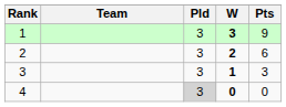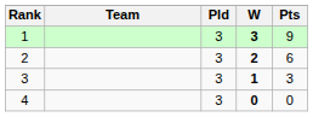 <table class="wikitable">
 <tr>
 </tr>
 <tr>
 <th style="width:35px;">Rank</th>
 <th style="width:180px;">Team</th>
 <th style="width:35px;">Pld</th>
 <th style="width:35px;">W</th>
 <th style="width:35px;">Pts</th>
 </tr>
 <tr bgcolor=#ccffcc>
 <td align=center>1</td>
 <td></td>
 <td align=center>3</td>
 <td align=center><strong>3</strong></td>
 <td align=center>9</td>
 </tr>
 <tr>
 <td align=center>2</td>
 <td></td>
 <td align=center>3</td>
 <td align=center><strong>2</strong></td>
 <td align=center>6</td>
 </tr>
 <tr>
 <td align=center>3</td>
 <td></td>
 <td align=center>3</td>
 <td align=center><strong>1</strong></td>
 <td align=center>3</td>
 </tr>
 <tr>
 <td align=center>4</td>
 <td></td>
-<td align=center style="background: lightgrey;">3</td>
+<td align=center>3</td>
 <td align=center><strong>0</strong></td>
 <td align=center>0</td>
 </tr>
 </table>
